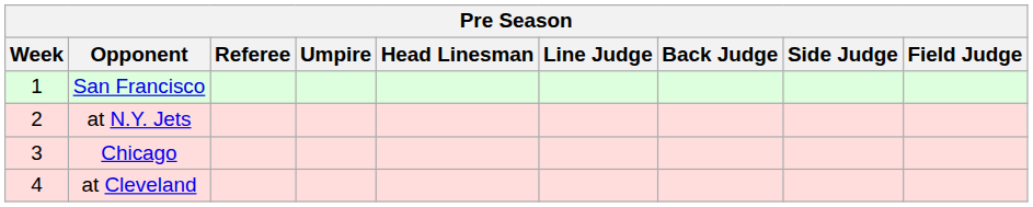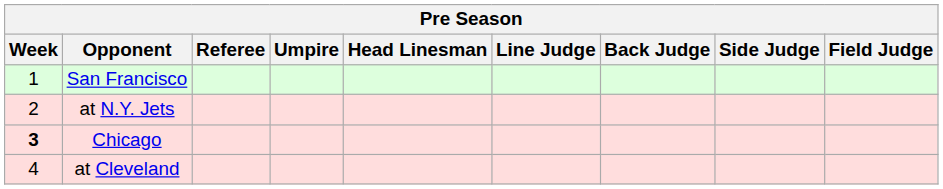 <table class="wikitable" style="text-align:center">
 <tr>
 <th colspan="9">Pre Season</th>
 </tr>
 <tr>
 <th>Week</th>
 <th>Opponent</th>
 <th>Referee</th>
 <th>Umpire</th>
 <th>Head Linesman</th>
 <th>Line Judge</th>
 <th>Back Judge</th>
 <th>Side Judge</th>
 <th>Field Judge</th>
 </tr>
 <tr style="background: #ddffdd;">
 <td>1</td>
 <td><a href='#'>San Francisco</a></td>
 <td></td>
 <td></td>
 <td></td>
 <td></td>
 <td></td>
 <td></td>
 <td></td>
 </tr>
 <tr style="background: #ffdddd;">
 <td>2</td>
 <td>at <a href='#'>N.Y. Jets</a></td>
 <td></td>
 <td></td>
 <td></td>
 <td></td>
 <td></td>
 <td></td>
 <td></td>
 </tr>
 <tr style="background: #ffdddd;">
-<td>3</td>
+<td><strong>3</strong></td>
 <td><a href='#'>Chicago</a></td>
 <td></td>
 <td></td>
 <td></td>
 <td></td>
 <td></td>
 <td></td>
 <td></td>
 </tr>
 <tr style="background: #ffdddd;">
 <td>4</td>
 <td>at <a href='#'>Cleveland</a></td>
 <td></td>
 <td></td>
 <td></td>
 <td></td>
 <td></td>
 <td></td>
 <td></td>
 </tr>
 </table>
